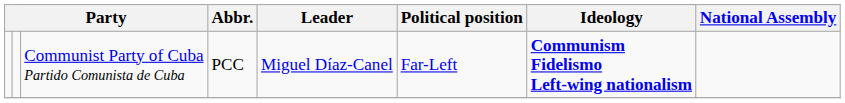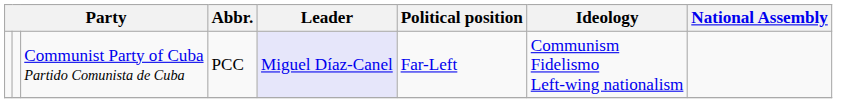 <table class="wikitable">
 <tr>
 <th colspan=3>Party</th>
 <th>Abbr.</th>
 <th>Leader</th>
 <th>Political position</th>
 <th>Ideology</th>
 <th><a href='#'>National Assembly</a></th>
 </tr>
 <tr>
 <td bgcolor=></td>
 <td></td>
 <td><a href='#'>Communist Party of Cuba</a><br><small><em>Partido Comunista de Cuba</em></small></td>
 <td>PCC</td>
-<td><a href='#'>Miguel Díaz-Canel</a></td>
+<td style="background: lavender;"><a href='#'>Miguel Díaz-Canel</a></td>
 <td><a href='#'>Far-Left</a></td>
-<td><strong><a href='#'>Communism</a><br><a href='#'>Fidelismo</a><br><a href='#'>Left-wing nationalism</a></strong></td>
+<td><a href='#'>Communism</a><br><a href='#'>Fidelismo</a><br><a href='#'>Left-wing nationalism</a></td>
 <td></td>
 </tr>
 <tr>
 </tr>
 </table>
